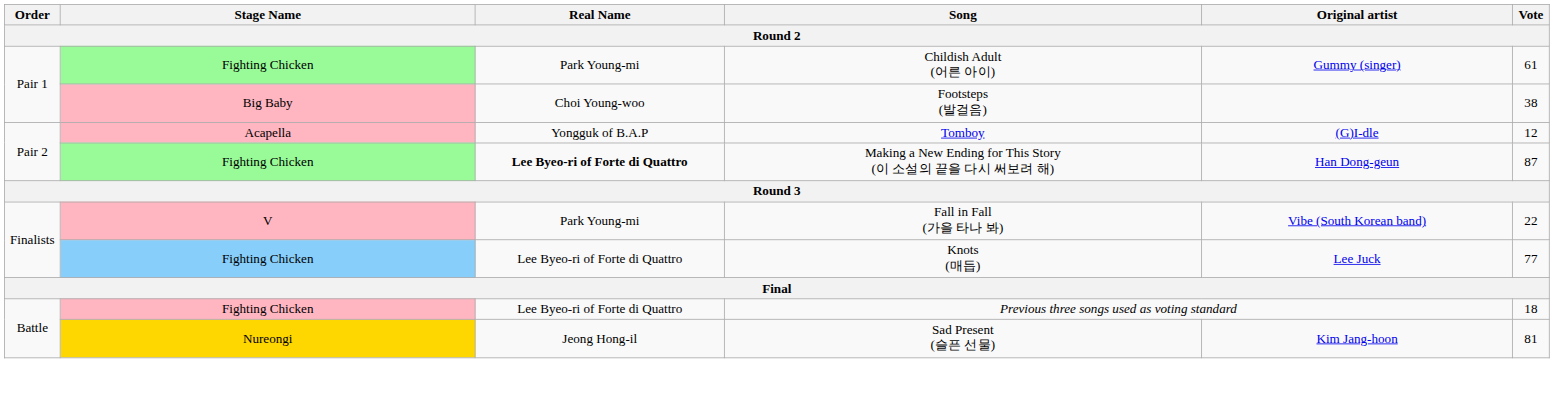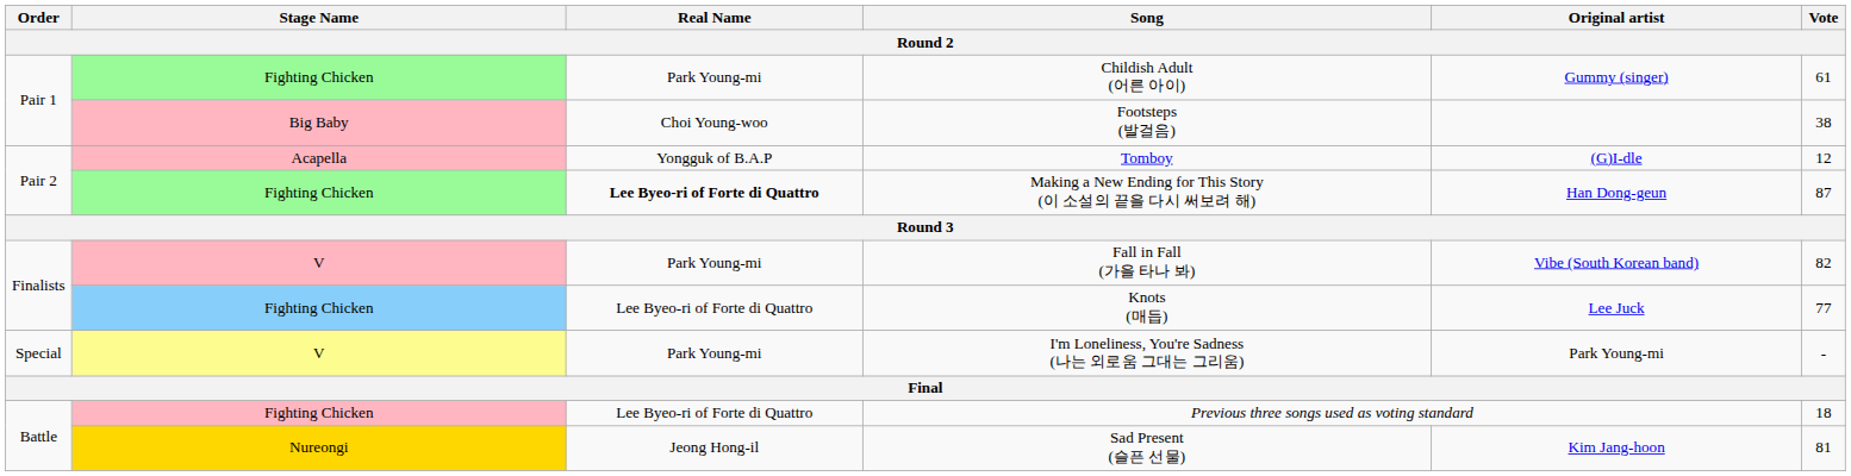 <table class="wikitable" style="text-align:center; width:95%">
 <tr>
 <th style="width:1%;">Order</th>
 <th style="width:20%;">Stage Name</th>
 <th style="width:12%">Real Name</th>
 <th style="width:23%;">Song</th>
 <th style="width:15%;">Original artist</th>
 <th style="width:1%;">Vote</th>
 </tr>
 <tr>
 <th colspan=6>Round 2</th>
 </tr>
 <tr>
 <td rowspan=2>Pair 1</td>
 <td bgcolor="palegreen">Fighting Chicken</td>
 <td>Park Young-mi</td>
 <td>Childish Adult<br>(어른 아이)</td>
 <td><a href='#'>Gummy (singer)</a></td>
 <td>61</td>
 </tr>
 <tr>
 <td bgcolor="lightpink">Big Baby</td>
 <td>Choi Young-woo</td>
 <td>Footsteps<br>(발걸음)</td>
 <td></td>
 <td>38</td>
 </tr>
 <tr>
 <td rowspan=2>Pair 2</td>
 <td bgcolor="lightpink">Acapella</td>
 <td>Yongguk of B.A.P</td>
 <td><a href='#'>Tomboy</a></td>
 <td><a href='#'>(G)I-dle</a></td>
 <td>12</td>
 </tr>
 <tr>
 <td bgcolor="palegreen">Fighting Chicken</td>
 <td><strong>Lee Byeo-ri of Forte di Quattro</strong></td>
 <td>Making a New Ending for This Story<br>(이 소설의 끝을 다시 써보려 해)</td>
 <td><a href='#'>Han Dong-geun</a></td>
 <td>87</td>
 </tr>
 <tr>
 <th colspan=6>Round 3</th>
 </tr>
 <tr>
 <td rowspan=2>Finalists</td>
 <td bgcolor="lightpink">V</td>
 <td>Park Young-mi</td>
 <td>Fall in Fall<br>(가을 타나 봐)</td>
 <td><a href='#'>Vibe (South Korean band)</a></td>
-<td>22</td>
+<td>82</td>
 </tr>
 <tr>
 <td bgcolor="lightskyblue">Fighting Chicken</td>
 <td>Lee Byeo-ri of Forte di Quattro</td>
 <td>Knots<br>(매듭)</td>
 <td><a href='#'>Lee Juck</a></td>
 <td>77</td>
+</tr>
+<tr>
+<td>Special</td>
+<td bgcolor="#FDFC8F">V</td>
+<td>Park Young-mi</td>
+<td>I'm Loneliness, You're Sadness<br>(나는 외로움 그대는 그리움)</td>
+<td>Park Young-mi</td>
+<td>-</td>
 </tr>
 <tr>
 <th colspan=6>Final</th>
 </tr>
 <tr>
 <td rowspan=2>Battle</td>
 <td bgcolor="lightpink">Fighting Chicken</td>
 <td>Lee Byeo-ri of Forte di Quattro</td>
 <td colspan=2><em>Previous three songs used as voting standard</em></td>
 <td>18</td>
 </tr>
 <tr>
 <td bgcolor="gold">Nureongi</td>
 <td>Jeong Hong-il</td>
 <td>Sad Present<br>(슬픈 선물)</td>
 <td><a href='#'>Kim Jang-hoon</a></td>
 <td>81</td>
 </tr>
 </table>
